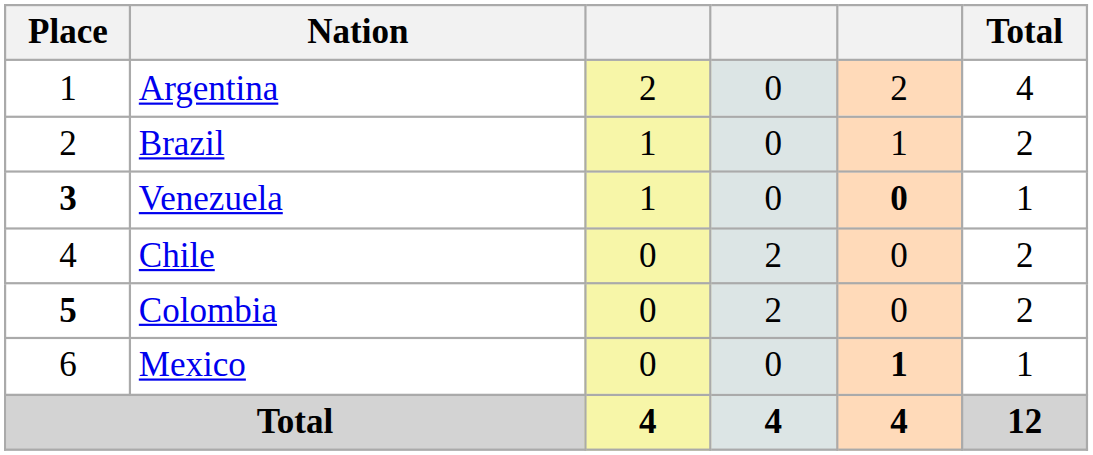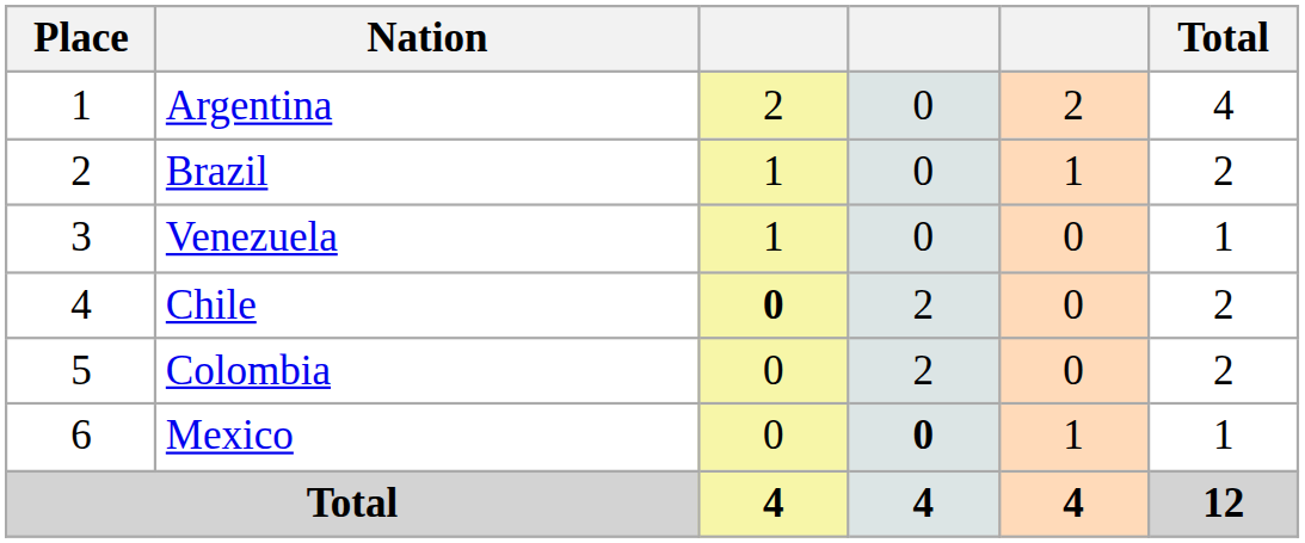 <table class="wikitable" style="border:1px solid #AAAAAA">
 <tr bgcolor="#EFEFEF">
 <th width=50>Place</th>
 <th width=200>Nation</th>
 <th width=50></th>
 <th width=50></th>
 <th width=50></th>
 <th width=50>Total</th>
 </tr>
 <tr align=center bgcolor="#FFFFFF">
 <td>1</td>
 <td align="left"> <a href='#'>Argentina</a></td>
 <td style="background:#F7F6A8;">2</td>
 <td style="background:#DCE5E5;">0</td>
 <td style="background:#FFDAB9;">2</td>
 <td>4</td>
 </tr>
 <tr align=center bgcolor="#FFFFFF">
 <td>2</td>
 <td align="left"> <a href='#'>Brazil</a></td>
 <td style="background:#F7F6A8;">1</td>
 <td style="background:#DCE5E5;">0</td>
 <td style="background:#FFDAB9;">1</td>
 <td>2</td>
 </tr>
 <tr align=center bgcolor="#FFFFFF">
-<td><strong>3</strong></td>
+<td>3</td>
 <td align="left"> <a href='#'>Venezuela</a></td>
 <td style="background:#F7F6A8;">1</td>
 <td style="background:#DCE5E5;">0</td>
-<td style="background:#FFDAB9;"><strong>0</strong></td>
+<td style="background:#FFDAB9;">0</td>
 <td>1</td>
 </tr>
 <tr align=center bgcolor="#FFFFFF">
 <td>4</td>
 <td align="left"> <a href='#'>Chile</a></td>
-<td style="background:#F7F6A8;">0</td>
+<td style="background:#F7F6A8;"><strong>0</strong></td>
 <td style="background:#DCE5E5;">2</td>
 <td style="background:#FFDAB9;">0</td>
 <td>2</td>
 </tr>
 <tr align=center bgcolor="#FFFFFF">
-<td><strong>5</strong></td>
+<td>5</td>
 <td align="left"> <a href='#'>Colombia</a></td>
 <td style="background:#F7F6A8;">0</td>
 <td style="background:#DCE5E5;">2</td>
 <td style="background:#FFDAB9;">0</td>
 <td>2</td>
 </tr>
 <tr align=center bgcolor="#FFFFFF">
 <td>6</td>
 <td align="left"> <a href='#'>Mexico</a></td>
 <td style="background:#F7F6A8;">0</td>
-<td style="background:#DCE5E5;">0</td>
-<td style="background:#FFDAB9;"><strong>1</strong></td>
+<td style="background:#DCE5E5;"><strong>0</strong></td>
+<td style="background:#FFDAB9;">1</td>
 <td>1</td>
 </tr>
 <tr align="center">
 <td colspan="2" bgcolor=D3D3D3><strong>Total</strong></td>
 <td style="background:#F7F6A8;"><strong>4</strong></td>
 <td style="background:#DCE5E5;"><strong>4</strong></td>
 <td style="background:#FFDAB9;"><strong>4</strong></td>
 <td bgcolor=D3D3D3><strong>12</strong></td>
 </tr>
 </table>
